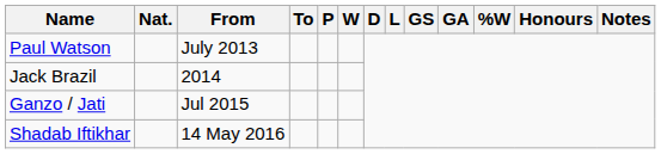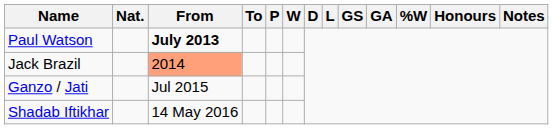 <table class="wikitable sortable" style="text-align: center">
 <tr>
 <th>Name</th>
 <th>Nat.</th>
 <th class="unsortable">From</th>
 <th class="unsortable">To</th>
 <th abbr="TOTAL OF MATCHES PLAYED">P</th>
 <th abbr="MATCHES WON">W</th>
 <th abbr="MATCHES DRAWN">D</th>
 <th abbr="MATCHES LOST">L</th>
 <th abbr="GOALS SCORED">GS</th>
 <th abbr="GOAL AGAINST">GA</th>
 <th abbr="PERCENTAGE OF MATCHES WON">%W</th>
 <th abbr="HONOURS">Honours</th>
 <th abbr="NOTES">Notes</th>
 </tr>
 <tr>
 <td align=left><a href='#'>Paul Watson</a></td>
 <td align=left></td>
-<td align=left>July 2013</td>
+<td align=left><strong>July 2013</strong></td>
 <td align=left><br></td>
 <td style="text-align:left;font-size:smaller"></td>
 <td></td>
 </tr>
 <tr>
 <td align=left>Jack Brazil</td>
 <td align=left></td>
-<td align=left>2014</td>
+<td align=left style="background: lightsalmon;">2014</td>
 <td align=left><br></td>
 <td style="text-align:left;font-size:smaller"></td>
 <td></td>
 </tr>
 <tr>
 <td align=left><a href='#'>Ganzo</a> / <a href='#'>Jati</a></td>
 <td align=left></td>
 <td align=left>Jul 2015</td>
 <td align=left><br></td>
 <td style="text-align:left;font-size:smaller"></td>
 <td></td>
 </tr>
 <tr>
 <td align=left><a href='#'>Shadab Iftikhar</a></td>
 <td align=left></td>
 <td align=left>14 May 2016</td>
 <td align=left><br></td>
 <td style="text-align:left;font-size:smaller"></td>
 <td></td>
 </tr>
 </table>
